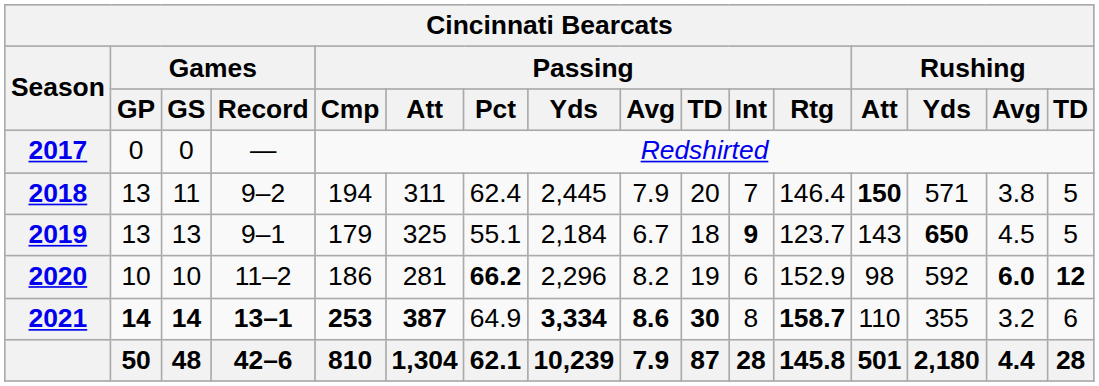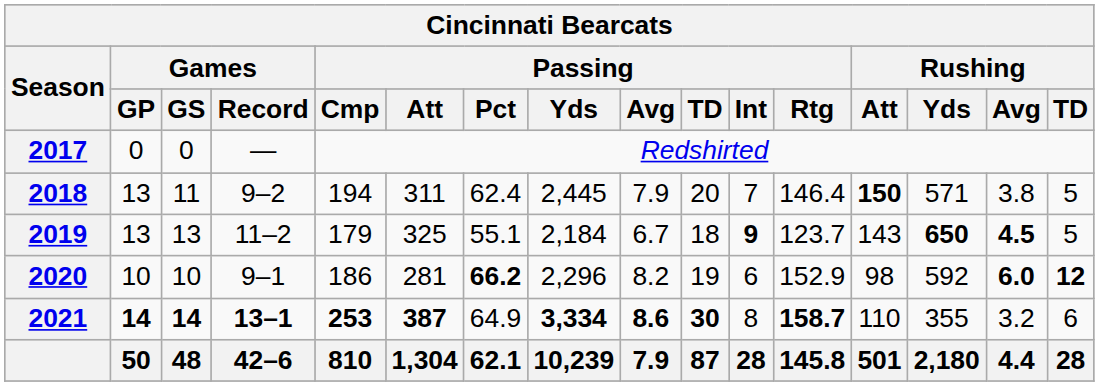 <table class="wikitable" style="text-align:center;">
 <tr>
 <th colspan="16">Cincinnati Bearcats</th>
 </tr>
 <tr>
 <th rowspan="2">Season</th>
 <th colspan="3">Games</th>
 <th colspan="8">Passing</th>
 <th colspan="5">Rushing</th>
 </tr>
 <tr>
 <th>GP</th>
 <th>GS</th>
 <th>Record</th>
 <th>Cmp</th>
 <th>Att</th>
 <th>Pct</th>
 <th>Yds</th>
 <th>Avg</th>
 <th>TD</th>
 <th>Int</th>
 <th>Rtg</th>
 <th>Att</th>
 <th>Yds</th>
 <th>Avg</th>
 <th>TD</th>
 </tr>
 <tr>
 <th><a href='#'>2017</a></th>
 <td>0</td>
 <td>0</td>
 <td>—</td>
 <td colspan="12"> <em><a href='#'>Redshirted</a></em></td>
 </tr>
 <tr>
 <th><a href='#'>2018</a></th>
 <td>13</td>
 <td>11</td>
 <td>9–2</td>
 <td>194</td>
 <td>311</td>
 <td>62.4</td>
 <td>2,445</td>
 <td>7.9</td>
 <td>20</td>
 <td>7</td>
 <td>146.4</td>
 <td><strong>150</strong></td>
 <td>571</td>
 <td>3.8</td>
 <td>5</td>
 </tr>
 <tr>
 <th><a href='#'>2019</a></th>
 <td>13</td>
 <td>13</td>
-<td>9–1</td>
+<td>11–2</td>
 <td>179</td>
 <td>325</td>
 <td>55.1</td>
 <td>2,184</td>
 <td>6.7</td>
 <td>18</td>
 <td><strong>9</strong></td>
 <td>123.7</td>
 <td>143</td>
 <td><strong>650</strong></td>
-<td>4.5</td>
+<td><strong>4.5</strong></td>
 <td>5</td>
 </tr>
 <tr>
 <th><a href='#'>2020</a></th>
 <td>10</td>
 <td>10</td>
-<td>11–2</td>
+<td>9–1</td>
 <td>186</td>
 <td>281</td>
 <td><strong>66.2</strong></td>
 <td>2,296</td>
 <td>8.2</td>
 <td>19</td>
 <td>6</td>
 <td>152.9</td>
 <td>98</td>
 <td>592</td>
 <td><strong>6.0</strong></td>
 <td><strong>12</strong></td>
 </tr>
 <tr>
 <th><a href='#'>2021</a></th>
 <td><strong>14</strong></td>
 <td><strong>14</strong></td>
 <td><strong>13–1</strong></td>
 <td><strong>253</strong></td>
 <td><strong>387</strong></td>
 <td>64.9</td>
 <td><strong>3,334</strong></td>
 <td><strong>8.6</strong></td>
 <td><strong>30</strong></td>
 <td>8</td>
 <td><strong>158.7</strong></td>
 <td>110</td>
 <td>355</td>
 <td>3.2</td>
 <td>6</td>
 </tr>
 <tr>
 <th></th>
 <th>50</th>
 <th>48</th>
 <th>42–6</th>
 <th>810</th>
 <th>1,304</th>
 <th>62.1</th>
 <th>10,239</th>
 <th>7.9</th>
 <th>87</th>
 <th>28</th>
 <th>145.8</th>
 <th>501</th>
 <th>2,180</th>
 <th>4.4</th>
 <th>28</th>
 </tr>
 </table>
